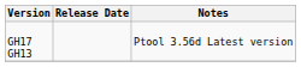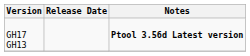 <table class="wikitable plainlinks" border="1">
 <tr>
 <th>Version</th>
 <th>Release Date</th>
 <th>Notes</th>
 </tr>
 <tr>
 <td><br>GH17<br> GH13</td>
 <td></td>
-<td>Ptool 3.56d Latest version</td>
+<td><strong>Ptool 3.56d Latest version</strong></td>
 </tr>
 <tr>
 </tr>
 </table>
